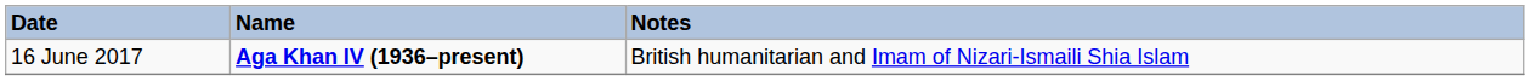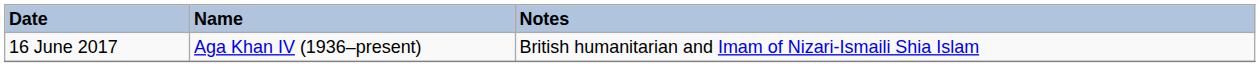 <table class="wikitable" width="75%" style="font-size: 85%; border: gray solid 1px; border-collapse: collapse; text-align: middle;">
 <tr>
 <th style="text-align: left;background:#B0C4DE">Date</th>
 <th width="240" style="text-align: left;background:#B0C4DE">Name</th>
 <th style="text-align: left;background:#B0C4DE">Notes</th>
 </tr>
 <tr>
 <td>16 June 2017</td>
-<td><strong><a href='#'>Aga Khan IV</a> (1936–present)</strong></td>
+<td><a href='#'>Aga Khan IV</a> (1936–present)</td>
 <td>British humanitarian and <a href='#'>Imam of Nizari-Ismaili Shia Islam</a></td>
 </tr>
 <tr>
 </tr>
 </table>
